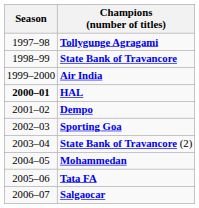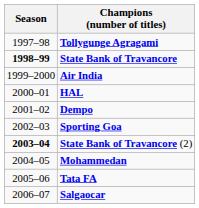 <table class="wikitable">
 <tr>
 <th>Season</th>
 <th>Champions<br>(number of titles)</th>
 </tr>
 <tr>
 <td align=center>1997–98</td>
 <td><strong><a href='#'>Tollygunge Agragami</a></strong></td>
 </tr>
 <tr>
-<td align=center>1998–99</td>
+<td align=center><strong>1998–99</strong></td>
 <td><strong><a href='#'>State Bank of Travancore</a></strong></td>
 </tr>
 <tr>
 <td align=center>1999–2000</td>
 <td><strong><a href='#'>Air India</a></strong></td>
 </tr>
 <tr>
-<td align=center><strong>2000–01</strong></td>
+<td align=center>2000–01</td>
 <td><strong><a href='#'>HAL</a></strong></td>
 </tr>
 <tr>
 <td align=center>2001–02</td>
 <td><strong><a href='#'>Dempo</a></strong></td>
 </tr>
 <tr>
 <td align=center>2002–03</td>
 <td><strong><a href='#'>Sporting Goa</a></strong></td>
 </tr>
 <tr>
-<td align=center>2003–04</td>
+<td align=center><strong>2003–04</strong></td>
 <td><strong><a href='#'>State Bank of Travancore</a></strong> (2)</td>
 </tr>
 <tr>
 <td align=center>2004–05</td>
 <td><strong><a href='#'>Mohammedan</a></strong></td>
 </tr>
 <tr>
 <td align=center>2005–06</td>
 <td><strong><a href='#'>Tata FA</a></strong></td>
 </tr>
 <tr>
 <td align=center>2006–07</td>
 <td><strong><a href='#'>Salgaocar</a></strong></td>
 </tr>
 </table>
